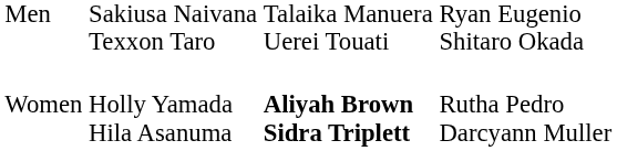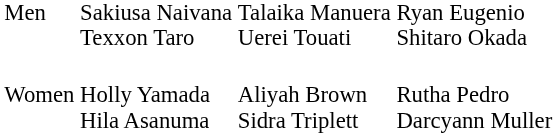 <table>
 <tr>
 <td>Men</td>
 <td nowrap><br>Sakiusa Naivana<br>Texxon Taro</td>
 <td><br>Talaika Manuera<br>Uerei Touati</td>
 <td><br>Ryan Eugenio<br>Shitaro Okada</td>
 </tr>
 <tr>
 <td>Women</td>
 <td><br>Holly Yamada<br>Hila Asanuma</td>
-<td nowrap><strong><br>Aliyah Brown<br>Sidra Triplett</strong></td>
+<td nowrap><br>Aliyah Brown<br>Sidra Triplett</td>
 <td nowrap><br>Rutha Pedro<br>Darcyann Muller</td>
 </tr>
 </table>
